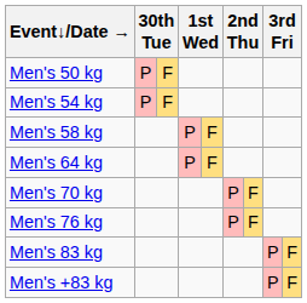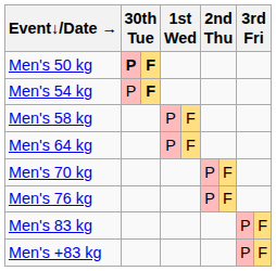 <table class="wikitable" style="margin:0.5em auto; font-size:90%; line-height:1.25em; text-align:center;">
 <tr>
 <th>Event↓/Date →</th>
 <th colspan=2>30th<br>Tue</th>
 <th colspan=2>1st<br>Wed</th>
 <th colspan=2>2nd<br>Thu</th>
 <th colspan=2>3rd<br>Fri</th>
 </tr>
 <tr>
 <td align="left"><a href='#'>Men's 50 kg</a></td>
-<td bgcolor="#FFBBBB">P</td>
-<td bgcolor="#FFDF80">F</td>
+<td bgcolor="#FFBBBB"><strong>P</strong></td>
+<td bgcolor="#FFDF80"><strong>F</strong></td>
 <td colspan=2></td>
 <td colspan=2></td>
 <td colspan=2></td>
 </tr>
 <tr>
 <td align="left"><a href='#'>Men's 54 kg</a></td>
 <td bgcolor="#FFBBBB">P</td>
-<td bgcolor="#FFDF80">F</td>
+<td bgcolor="#FFDF80"><strong>F</strong></td>
 <td colspan=2></td>
 <td colspan=2></td>
 <td colspan=2></td>
 </tr>
 <tr>
 <td align="left"><a href='#'>Men's 58 kg</a></td>
 <td colspan=2></td>
 <td bgcolor="#FFBBBB">P</td>
 <td bgcolor="#FFDF80">F</td>
 <td colspan=2></td>
 <td colspan=2></td>
 </tr>
 <tr>
 <td align="left"><a href='#'>Men's 64 kg</a></td>
 <td colspan=2></td>
 <td bgcolor="#FFBBBB">P</td>
 <td bgcolor="#FFDF80">F</td>
 <td colspan=2></td>
 <td colspan=2></td>
 </tr>
 <tr>
 <td align="left"><a href='#'>Men's 70 kg</a></td>
 <td colspan=2></td>
 <td colspan=2></td>
 <td bgcolor="#FFBBBB">P</td>
 <td bgcolor="#FFDF80">F</td>
 <td colspan=2></td>
 </tr>
 <tr>
 <td align="left"><a href='#'>Men's 76 kg</a></td>
 <td colspan=2></td>
 <td colspan=2></td>
 <td bgcolor="#FFBBBB">P</td>
 <td bgcolor="#FFDF80">F</td>
 <td colspan=2></td>
 </tr>
 <tr>
 <td align="left"><a href='#'>Men's 83 kg</a></td>
 <td colspan=2></td>
 <td colspan=2></td>
 <td colspan=2></td>
 <td bgcolor="#FFBBBB">P</td>
 <td bgcolor="#FFDF80">F</td>
 </tr>
 <tr>
 <td align="left"><a href='#'>Men's +83 kg</a></td>
 <td colspan=2></td>
 <td colspan=2></td>
 <td colspan=2></td>
 <td bgcolor="#FFBBBB">P</td>
 <td bgcolor="#FFDF80">F</td>
 </tr>
 </table>
